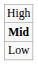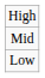 <table class="wikitable" style="text-align:center">
 <tr>
 <td>High</td>
 </tr>
 <tr>
-<td><strong>Mid</strong></td>
+<td>Mid</td>
 </tr>
 <tr>
 <td>Low</td>
 </tr>
 </table>
